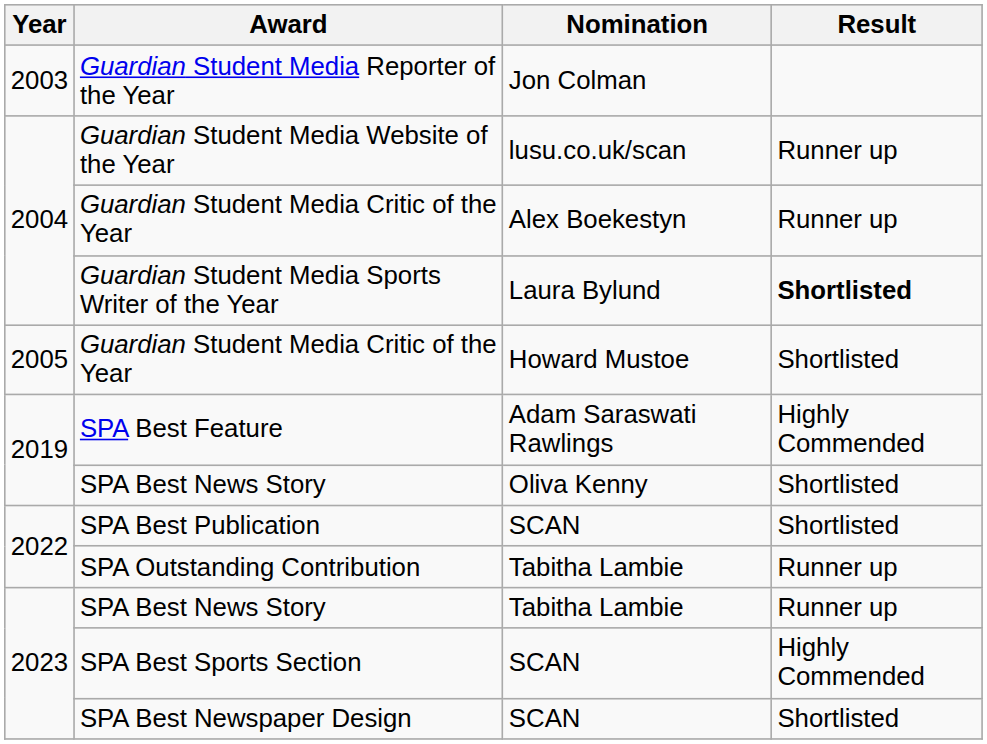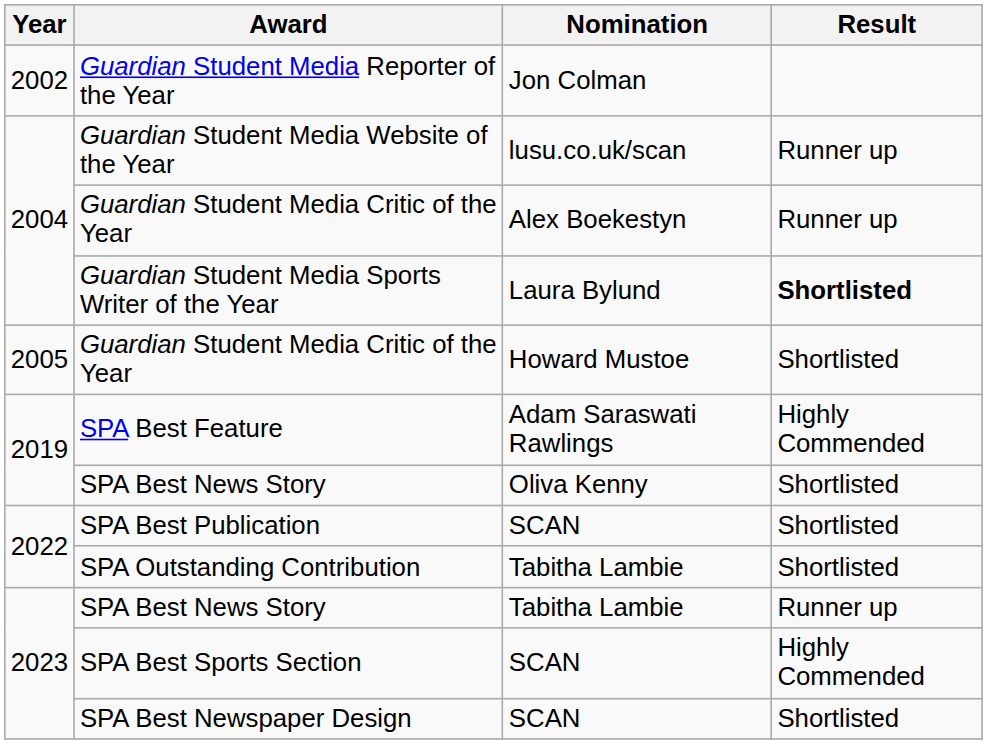 <table class="wikitable" style="font-align: center">
 <tr>
 <th>Year</th>
 <th>Award</th>
 <th>Nomination</th>
 <th>Result</th>
 </tr>
 <tr>
-<td>2003</td>
+<td>2002</td>
 <td><a href='#'><em>Guardian</em> Student Media</a> Reporter of the Year</td>
 <td>Jon Colman</td>
 <td></td>
 </tr>
 <tr>
 <td rowspan="3">2004</td>
 <td><em>Guardian</em> Student Media Website of the Year</td>
 <td>lusu.co.uk/scan</td>
 <td>Runner up</td>
 </tr>
 <tr>
 <td><em>Guardian</em> Student Media Critic of the Year</td>
 <td>Alex Boekestyn</td>
 <td>Runner up</td>
 </tr>
 <tr>
 <td><em>Guardian</em> Student Media Sports Writer of the Year</td>
 <td>Laura Bylund</td>
 <td><strong>Shortlisted</strong></td>
 </tr>
 <tr>
 <td>2005</td>
 <td><em>Guardian</em> Student Media Critic of the Year</td>
 <td>Howard Mustoe</td>
 <td>Shortlisted</td>
 </tr>
 <tr>
 <td rowspan="2">2019</td>
 <td><a href='#'>SPA</a> Best Feature</td>
 <td>Adam Saraswati Rawlings</td>
 <td>Highly Commended</td>
 </tr>
 <tr>
 <td>SPA Best News Story</td>
 <td>Oliva Kenny</td>
 <td>Shortlisted</td>
 </tr>
 <tr>
 <td rowspan="2">2022</td>
 <td>SPA Best Publication</td>
 <td>SCAN</td>
 <td>Shortlisted</td>
 </tr>
 <tr>
 <td>SPA Outstanding Contribution</td>
 <td>Tabitha Lambie</td>
-<td>Runner up</td>
+<td>Shortlisted</td>
 </tr>
 <tr>
 <td rowspan="3">2023</td>
 <td>SPA Best News Story</td>
 <td>Tabitha Lambie</td>
 <td>Runner up</td>
 </tr>
 <tr>
 <td>SPA Best Sports Section</td>
 <td>SCAN</td>
 <td>Highly Commended</td>
 </tr>
 <tr>
 <td>SPA Best Newspaper Design</td>
 <td>SCAN</td>
 <td>Shortlisted</td>
 </tr>
 </table>
